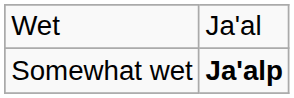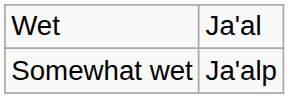 <table class="wikitable">
 <tr>
 <td>Wet</td>
 <td>Ja'al</td>
 </tr>
 <tr>
 <td>Somewhat wet</td>
-<td><strong>Ja'alp</strong></td>
+<td>Ja'alp</td>
 </tr>
 </table>
